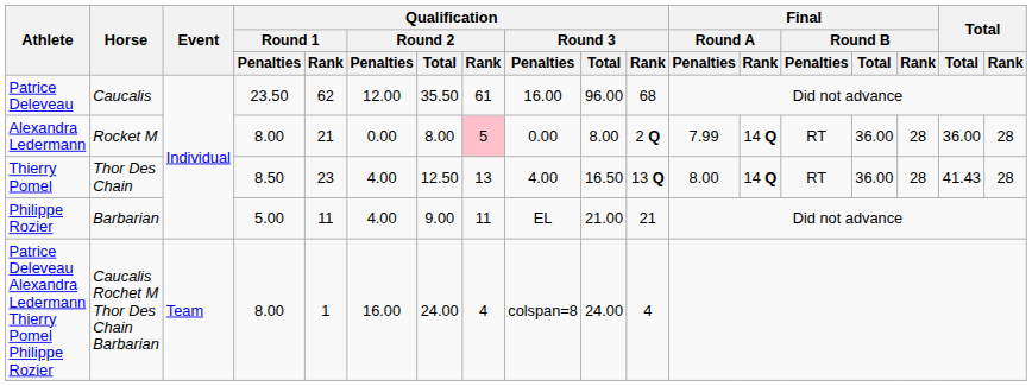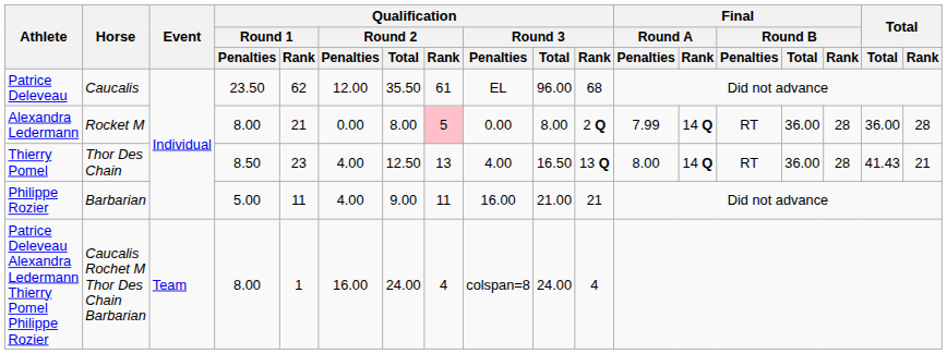 <table class="wikitable" style="font-size:90%">
 <tr>
 <th rowspan="3">Athlete</th>
 <th rowspan="3">Horse</th>
 <th rowspan="3">Event</th>
 <th colspan="8">Qualification</th>
 <th colspan="5">Final</th>
 <th rowspan=2 colspan="2">Total</th>
 </tr>
 <tr style="font-size:95%">
 <th colspan="2">Round 1</th>
 <th colspan="3">Round 2</th>
 <th colspan="3">Round 3</th>
 <th colspan="2">Round A</th>
 <th colspan="3">Round B</th>
 </tr>
 <tr style="font-size:95%">
 <th>Penalties</th>
 <th>Rank</th>
 <th>Penalties</th>
 <th>Total</th>
 <th>Rank</th>
 <th>Penalties</th>
 <th>Total</th>
 <th>Rank</th>
 <th>Penalties</th>
 <th>Rank</th>
 <th>Penalties</th>
 <th>Total</th>
 <th>Rank</th>
 <th>Total</th>
 <th>Rank</th>
 </tr>
 <tr align=center>
 <td align=left><a href='#'>Patrice Deleveau</a></td>
 <td align=left><em>Caucalis</em></td>
 <td align=left rowspan=4><a href='#'>Individual</a></td>
 <td>23.50</td>
 <td>62</td>
 <td>12.00</td>
 <td>35.50</td>
 <td>61</td>
-<td>16.00</td>
+<td>EL</td>
 <td>96.00</td>
 <td>68</td>
 <td colspan=7>Did not advance</td>
 </tr>
 <tr align=center>
 <td align=left><a href='#'>Alexandra Ledermann</a></td>
 <td align=left><em>Rocket M</em></td>
 <td>8.00</td>
 <td>21</td>
 <td>0.00</td>
 <td>8.00</td>
 <td style="background: pink;">5</td>
 <td>0.00</td>
 <td>8.00</td>
 <td>2 <strong>Q</strong></td>
 <td>7.99</td>
 <td>14 <strong>Q</strong></td>
 <td>RT</td>
 <td>36.00</td>
 <td>28</td>
 <td>36.00</td>
 <td>28</td>
 </tr>
 <tr align=center>
 <td align=left><a href='#'>Thierry Pomel</a></td>
 <td align=left><em>Thor Des Chain</em></td>
 <td>8.50</td>
 <td>23</td>
 <td>4.00</td>
 <td>12.50</td>
 <td>13</td>
 <td>4.00</td>
 <td>16.50</td>
 <td>13 <strong>Q</strong></td>
 <td>8.00</td>
 <td>14 <strong>Q</strong></td>
 <td>RT</td>
 <td>36.00</td>
 <td>28</td>
 <td>41.43</td>
-<td>28</td>
+<td>21</td>
 </tr>
 <tr align=center>
 <td align=left><a href='#'>Philippe Rozier</a></td>
 <td align=left><em>Barbarian</em></td>
 <td>5.00</td>
 <td>11</td>
 <td>4.00</td>
 <td>9.00</td>
 <td>11</td>
-<td>EL</td>
+<td>16.00</td>
 <td>21.00</td>
 <td>21</td>
 <td colspan=7>Did not advance</td>
 </tr>
 <tr align=center>
 <td align=left><a href='#'>Patrice Deleveau</a><br> <a href='#'>Alexandra Ledermann</a><br> <a href='#'>Thierry Pomel</a><br> <a href='#'>Philippe Rozier</a></td>
 <td align=left><em>Caucalis</em><br> <em>Rochet M</em><br> <em>Thor Des Chain</em><br> <em>Barbarian</em></td>
 <td align=left><a href='#'>Team</a></td>
 <td>8.00</td>
 <td>1</td>
 <td>16.00</td>
 <td>24.00</td>
 <td>4</td>
 <td>colspan=8 </td>
 <td>24.00</td>
 <td>4</td>
 </tr>
 </table>
